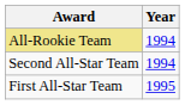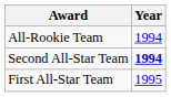 <table class="wikitable" border="1">
 <tr>
 <th>Award</th>
 <th>Year</th>
 </tr>
 <tr>
-<td style="background: khaki;">All-Rookie Team</td>
+<td>All-Rookie Team</td>
 <td><a href='#'>1994</a></td>
 </tr>
 <tr>
 <td>Second All-Star Team</td>
-<td><a href='#'>1994</a></td>
+<td><strong><a href='#'>1994</a></strong></td>
 </tr>
 <tr>
 <td>First All-Star Team</td>
 <td><a href='#'>1995</a></td>
 </tr>
 </table>
